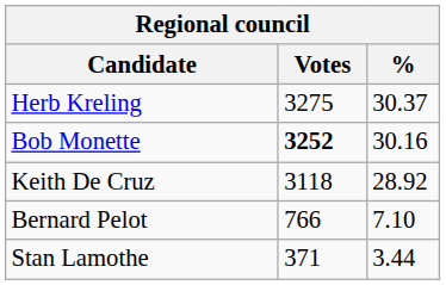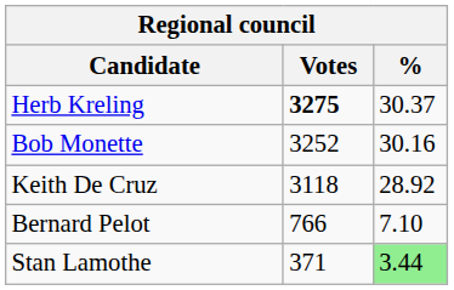 <table class="wikitable">
 <tr>
 <th colspan="3">Regional council</th>
 </tr>
 <tr>
 <th style="width: 170px">Candidate</th>
 <th style="width: 50px">Votes</th>
 <th style="width: 40px">%</th>
 </tr>
 <tr>
 <td><a href='#'>Herb Kreling</a></td>
-<td>3275</td>
+<td><strong>3275</strong></td>
 <td>30.37</td>
 </tr>
 <tr>
 <td><a href='#'>Bob Monette</a></td>
-<td><strong>3252</strong></td>
+<td>3252</td>
 <td>30.16</td>
 </tr>
 <tr>
 <td>Keith De Cruz</td>
 <td>3118</td>
 <td>28.92</td>
 </tr>
 <tr>
 <td>Bernard Pelot</td>
 <td>766</td>
 <td>7.10</td>
 </tr>
 <tr>
 <td>Stan Lamothe</td>
 <td>371</td>
-<td>3.44</td>
+<td style="background: lightgreen;">3.44</td>
 </tr>
 </table>
